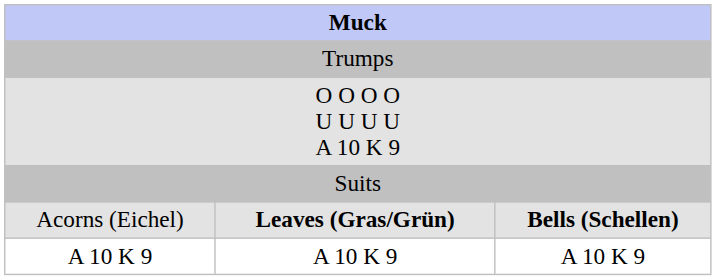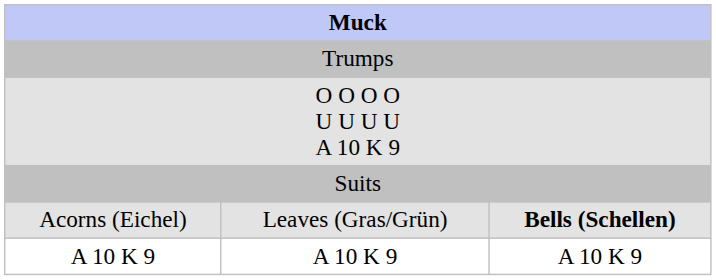 <table class="float-right" cellpadding="3" style="background: #c0c0c0; border-spacing: 1px;">
 <tr align="center">
 <td style="background: #c0c8f8;" colspan="3" width="480"><strong>Muck</strong></td>
 </tr>
 <tr align="center">
 <td colspan="3">Trumps</td>
 </tr>
 <tr align="center">
 <td colspan="4" style="background: #e3e3e3;">O O O O<br>U U U U<br>A 10 K 9</td>
 </tr>
 <tr align="center">
 <td colspan="3">Suits</td>
 </tr>
 <tr align="center">
 <td style="background: #e3e3e3;">Acorns (Eichel)</td>
-<td style="background: #e3e3e3;"><strong>Leaves (Gras/Grün)</strong></td>
+<td style="background: #e3e3e3;">Leaves (Gras/Grün)</td>
 <td style="background: #e3e3e3;"><strong>Bells (Schellen)</strong></td>
 </tr>
 <tr align="center">
 <td style="background: #ffffff;">A 10 K 9</td>
 <td style="background: #ffffff;">A 10 K 9</td>
 <td style="background: #ffffff;">A 10 K 9</td>
 </tr>
 </table>
